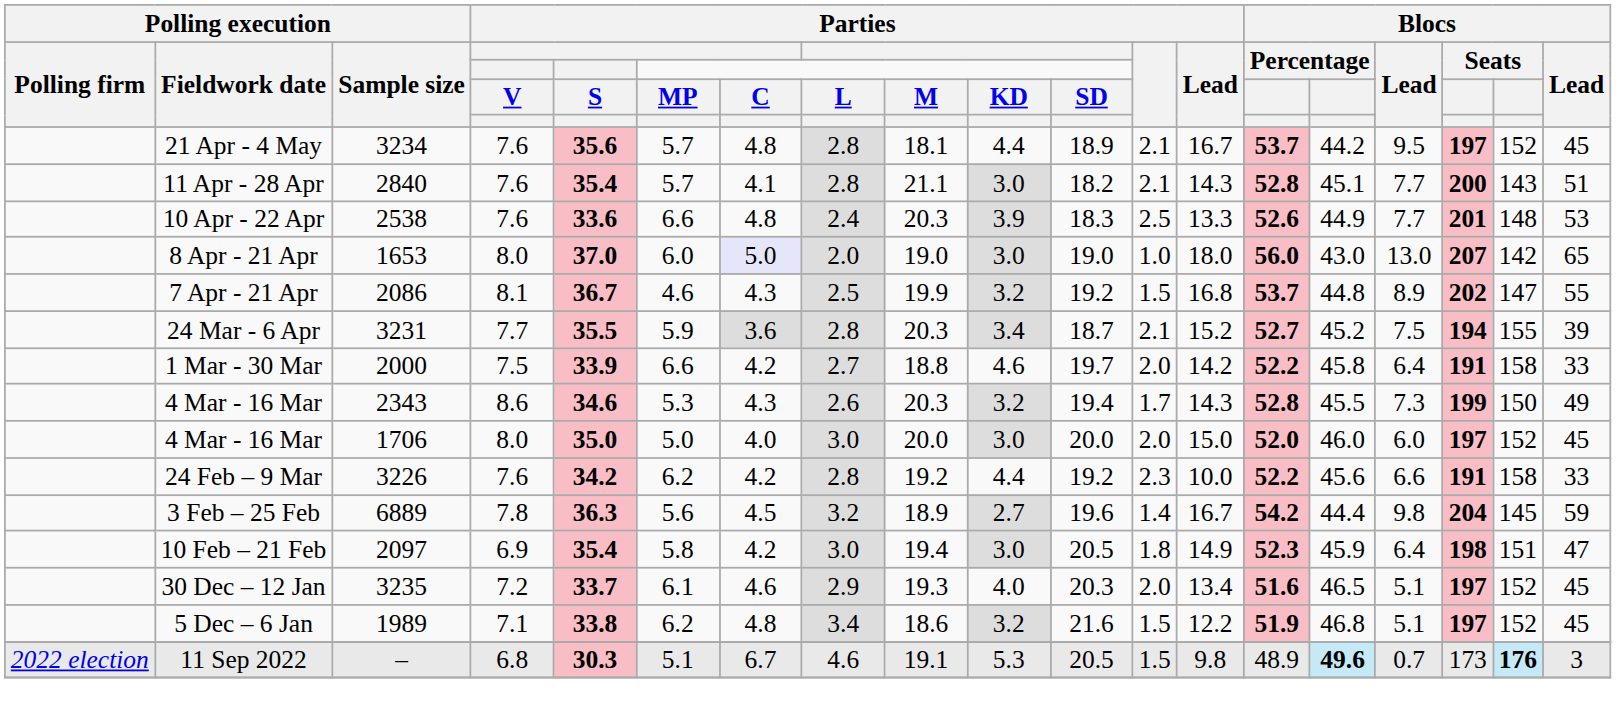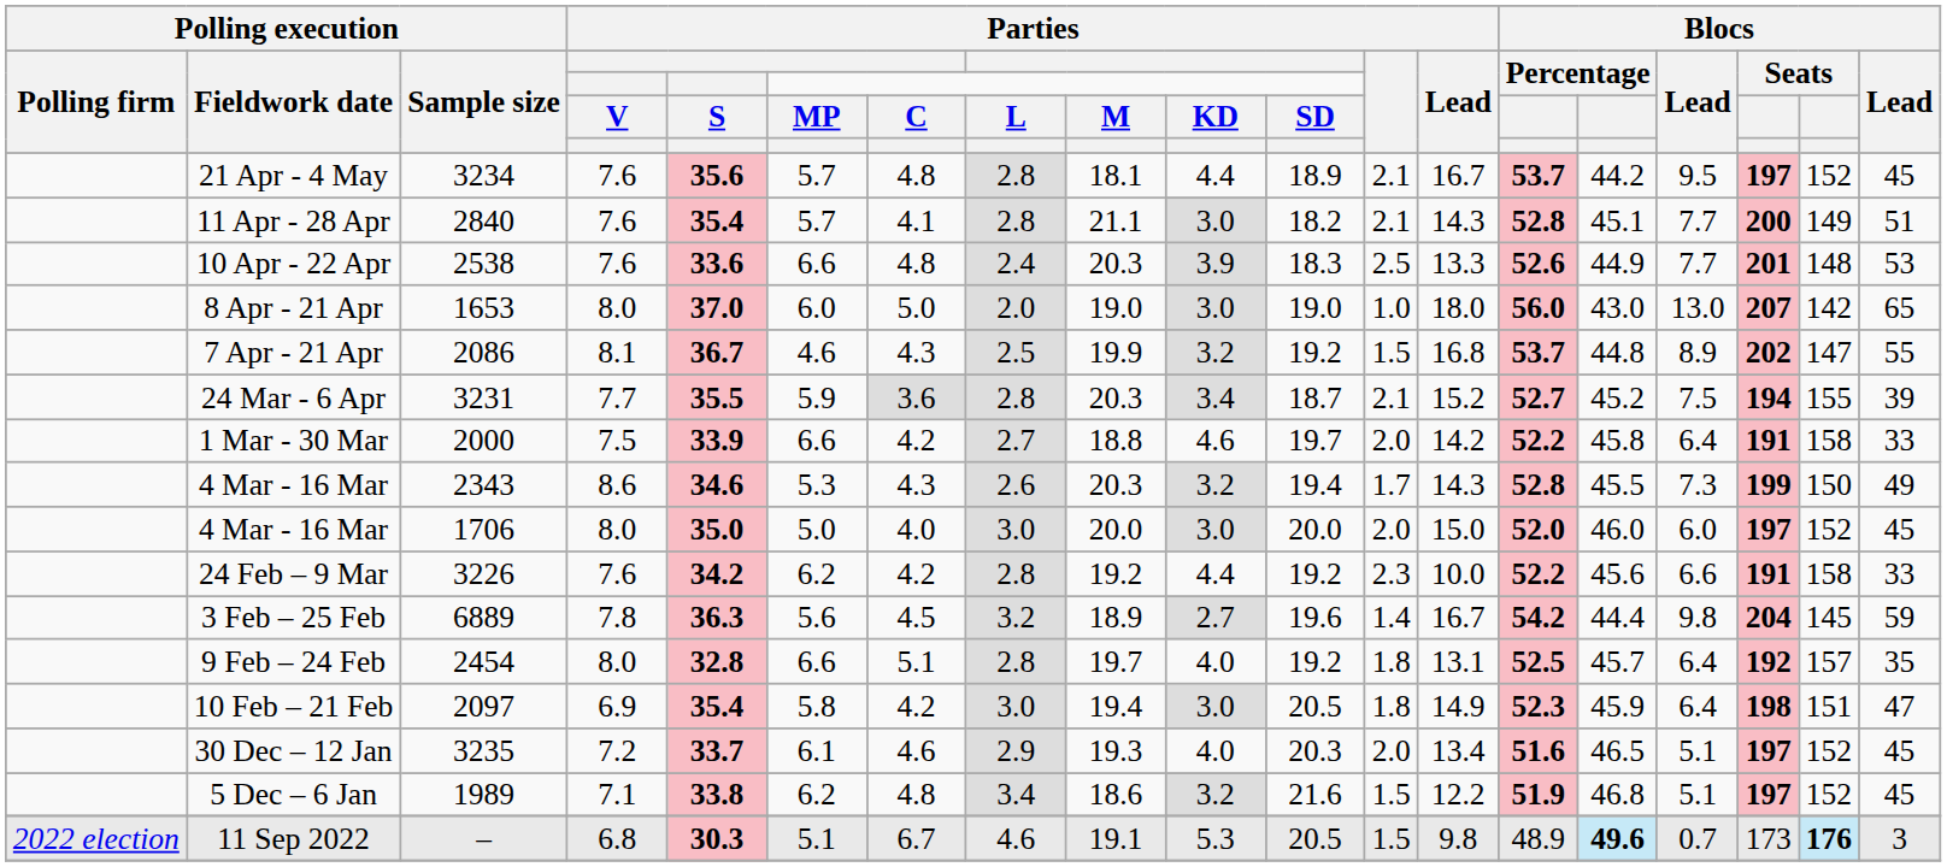 <table class="wikitable sortable" style="text-align:center;font-size:90%;line-height:14px;">
 <tr>
 <th colspan="3">Polling execution</th>
 <th colspan="10">Parties</th>
 <th colspan="6">Blocs</th>
 </tr>
 <tr>
 <th rowspan="4">Polling firm</th>
 <th rowspan="4">Fieldwork date</th>
 <th rowspan="4">Sample size</th>
 <th colspan="4"></th>
 <th colspan="4"></th>
 <th rowspan="4"></th>
 <th rowspan="4">Lead</th>
 <th colspan="2" rowspan="2">Percentage</th>
 <th rowspan="4">Lead</th>
 <th colspan="2" rowspan="2">Seats</th>
 <th rowspan="4">Lead</th>
 </tr>
 <tr>
 <th style="background:"></th>
 <th style="background:"></th>
 </tr>
 <tr>
 <th class="sortable" style="width:40px;"><a href='#'>V</a></th>
 <th class="sortable" style="width:40px;"><a href='#'>S</a></th>
 <th class="sortable" style="width:40px;"><a href='#'>MP</a></th>
 <th class="sortable" style="width:40px;"><a href='#'>C</a></th>
 <th class="sortable" style="width:40px;"><a href='#'>L</a></th>
 <th class="sortable" style="width:40px;"><a href='#'>M</a></th>
 <th class="sortable" style="width:40px;"><a href='#'>KD</a></th>
 <th class="sortable" style="width:40px;"><a href='#'>SD</a></th>
 <th></th>
 <th></th>
 <th></th>
 <th></th>
 </tr>
 <tr>
 <th style="background:"></th>
 <th style="background:"></th>
 <th style="background:"></th>
 <th style="background:"></th>
 <th style="background:"></th>
 <th style="background:"></th>
 <th style="background:"></th>
 <th style="background:"></th>
 <th style="background:"></th>
 <th style="background:"></th>
 <th style="background:"></th>
 <th style="background:"></th>
 </tr>
 <tr>
 <td></td>
 <td>21 Apr - 4 May</td>
 <td>3234</td>
 <td>7.6</td>
 <td style="background:#F9BDC5;"><strong>35.6</strong></td>
 <td>5.7</td>
 <td>4.8</td>
 <td style="background:#DDDDDD;">2.8</td>
 <td>18.1</td>
 <td>4.4</td>
 <td>18.9</td>
 <td>2.1</td>
 <td style="background:">16.7</td>
 <td style="background:#F9BDC5;"><strong>53.7</strong></td>
 <td>44.2</td>
 <td style="background:">9.5</td>
 <td style="background:#F9BDC5;"><strong>197</strong></td>
 <td>152</td>
 <td style="background:">45</td>
 </tr>
 <tr>
 <td></td>
 <td>11 Apr - 28 Apr</td>
 <td>2840</td>
 <td>7.6</td>
 <td style="background:#F9BDC5;"><strong>35.4</strong></td>
 <td>5.7</td>
 <td>4.1</td>
 <td style="background:#DDDDDD;">2.8</td>
 <td>21.1</td>
 <td style="background:#DDDDDD;">3.0</td>
 <td>18.2</td>
 <td>2.1</td>
 <td style="background:">14.3</td>
 <td style="background:#F9BDC5;"><strong>52.8</strong></td>
 <td>45.1</td>
 <td style="background:">7.7</td>
 <td style="background:#F9BDC5;"><strong>200</strong></td>
-<td>143</td>
+<td>149</td>
 <td style="background:">51</td>
 </tr>
 <tr>
 <td></td>
 <td>10 Apr - 22 Apr</td>
 <td>2538</td>
 <td>7.6</td>
 <td style="background:#F9BDC5;"><strong>33.6</strong></td>
 <td>6.6</td>
 <td>4.8</td>
 <td style="background:#DDDDDD;">2.4</td>
 <td>20.3</td>
 <td style="background:#DDDDDD;">3.9</td>
 <td>18.3</td>
 <td>2.5</td>
 <td style="background:">13.3</td>
 <td style="background:#F9BDC5;"><strong>52.6</strong></td>
 <td>44.9</td>
 <td style="background:">7.7</td>
 <td style="background:#F9BDC5;"><strong>201</strong></td>
 <td>148</td>
 <td style="background:">53</td>
 </tr>
 <tr>
 <td></td>
 <td>8 Apr - 21 Apr</td>
 <td>1653</td>
 <td>8.0</td>
 <td style="background:#F9BDC5;"><strong>37.0</strong></td>
 <td>6.0</td>
-<td style="background: lavender;">5.0</td>
+<td>5.0</td>
 <td style="background:#DDDDDD;">2.0</td>
 <td>19.0</td>
 <td style="background:#DDDDDD;">3.0</td>
 <td>19.0</td>
 <td>1.0</td>
 <td style="background:">18.0</td>
 <td style="background:#F9BDC5;"><strong>56.0</strong></td>
 <td>43.0</td>
 <td style="background:">13.0</td>
 <td style="background:#F9BDC5;"><strong>207</strong></td>
 <td>142</td>
 <td style="background:">65</td>
 </tr>
 <tr>
 <td></td>
 <td>7 Apr - 21 Apr</td>
 <td>2086</td>
 <td>8.1</td>
 <td style="background:#F9BDC5;"><strong>36.7</strong></td>
 <td>4.6</td>
 <td>4.3</td>
 <td style="background:#DDDDDD;">2.5</td>
 <td>19.9</td>
 <td style="background:#DDDDDD;">3.2</td>
 <td>19.2</td>
 <td>1.5</td>
 <td style="background:">16.8</td>
 <td style="background:#F9BDC5;"><strong>53.7</strong></td>
 <td>44.8</td>
 <td style="background:">8.9</td>
 <td style="background:#F9BDC5;"><strong>202</strong></td>
 <td>147</td>
 <td style="background:">55</td>
 </tr>
 <tr>
 <td></td>
 <td>24 Mar - 6 Apr</td>
 <td>3231</td>
 <td>7.7</td>
 <td style="background:#F9BDC5;"><strong>35.5</strong></td>
 <td>5.9</td>
 <td style="background:#DDDDDD;">3.6</td>
 <td style="background:#DDDDDD;">2.8</td>
 <td>20.3</td>
 <td style="background:#DDDDDD;">3.4</td>
 <td>18.7</td>
 <td>2.1</td>
 <td style="background:">15.2</td>
 <td style="background:#F9BDC5;"><strong>52.7</strong></td>
 <td>45.2</td>
 <td style="background:">7.5</td>
 <td style="background:#F9BDC5;"><strong>194</strong></td>
 <td>155</td>
 <td style="background:">39</td>
 </tr>
 <tr>
 <td></td>
 <td>1 Mar - 30 Mar</td>
 <td>2000</td>
 <td>7.5</td>
 <td style="background:#F9BDC5;"><strong>33.9</strong></td>
 <td>6.6</td>
 <td>4.2</td>
 <td style="background:#DDDDDD;">2.7</td>
 <td>18.8</td>
 <td>4.6</td>
 <td>19.7</td>
 <td>2.0</td>
 <td style="background:">14.2</td>
 <td style="background:#F9BDC5;"><strong>52.2</strong></td>
 <td>45.8</td>
 <td style="background:">6.4</td>
 <td style="background:#F9BDC5;"><strong>191</strong></td>
 <td>158</td>
 <td style="background:">33</td>
 </tr>
 <tr>
 <td></td>
 <td>4 Mar - 16 Mar</td>
 <td>2343</td>
 <td>8.6</td>
 <td style="background:#F9BDC5;"><strong>34.6</strong></td>
 <td>5.3</td>
 <td>4.3</td>
 <td style="background:#DDDDDD;">2.6</td>
 <td>20.3</td>
 <td style="background:#DDDDDD;">3.2</td>
 <td>19.4</td>
 <td>1.7</td>
 <td style="background:">14.3</td>
 <td style="background:#F9BDC5;"><strong>52.8</strong></td>
 <td>45.5</td>
 <td style="background:">7.3</td>
 <td style="background:#F9BDC5;"><strong>199</strong></td>
 <td>150</td>
 <td style="background:">49</td>
 </tr>
 <tr>
 <td></td>
 <td>4 Mar - 16 Mar</td>
 <td>1706</td>
 <td>8.0</td>
 <td style="background:#F9BDC5;"><strong>35.0</strong></td>
 <td>5.0</td>
 <td>4.0</td>
 <td style="background:#DDDDDD;">3.0</td>
 <td>20.0</td>
 <td style="background:#DDDDDD;">3.0</td>
 <td>20.0</td>
 <td>2.0</td>
 <td style="background:">15.0</td>
 <td style="background:#F9BDC5;"><strong>52.0</strong></td>
 <td>46.0</td>
 <td style="background:">6.0</td>
 <td style="background:#F9BDC5;"><strong>197</strong></td>
 <td>152</td>
 <td style="background:">45</td>
 </tr>
 <tr>
 <td></td>
 <td>24 Feb – 9 Mar</td>
 <td>3226</td>
 <td>7.6</td>
 <td style="background:#F9BDC5;"><strong>34.2</strong></td>
 <td>6.2</td>
 <td>4.2</td>
 <td style="background:#DDDDDD;">2.8</td>
 <td>19.2</td>
 <td>4.4</td>
 <td>19.2</td>
 <td>2.3</td>
 <td style="background:">10.0</td>
 <td style="background:#F9BDC5;"><strong>52.2</strong></td>
 <td>45.6</td>
 <td style="background:">6.6</td>
 <td style="background:#F9BDC5;"><strong>191</strong></td>
 <td>158</td>
 <td style="background:">33</td>
 </tr>
 <tr>
 <td></td>
 <td>3 Feb – 25 Feb</td>
 <td>6889</td>
 <td>7.8</td>
 <td style="background:#F9BDC5;"><strong>36.3</strong></td>
 <td>5.6</td>
 <td>4.5</td>
 <td style="background:#DDDDDD;">3.2</td>
 <td>18.9</td>
 <td style="background:#DDDDDD;">2.7</td>
 <td>19.6</td>
 <td>1.4</td>
 <td style="background:">16.7</td>
 <td style="background:#F9BDC5;"><strong>54.2</strong></td>
 <td>44.4</td>
 <td style="background:">9.8</td>
 <td style="background:#F9BDC5;"><strong>204</strong></td>
 <td>145</td>
 <td style="background:">59</td>
 </tr>
 <tr>
 <td></td>
+<td>9 Feb – 24 Feb</td>
+<td>2454</td>
+<td>8.0</td>
+<td style="background:#F9BDC5;"><strong>32.8</strong></td>
+<td>6.6</td>
+<td>5.1</td>
+<td style="background:#DDDDDD;">2.8</td>
+<td>19.7</td>
+<td>4.0</td>
+<td>19.2</td>
+<td>1.8</td>
+<td style="background:">13.1</td>
+<td style="background:#F9BDC5;"><strong>52.5</strong></td>
+<td>45.7</td>
+<td style="background:">6.4</td>
+<td style="background:#F9BDC5;"><strong>192</strong></td>
+<td>157</td>
+<td style="background:">35</td>
+</tr>
+<tr>
+<td></td>
 <td>10 Feb – 21 Feb</td>
 <td>2097</td>
 <td>6.9</td>
 <td style="background:#F9BDC5;"><strong>35.4</strong></td>
 <td>5.8</td>
 <td>4.2</td>
 <td style="background:#DDDDDD;">3.0</td>
 <td>19.4</td>
 <td style="background:#DDDDDD;">3.0</td>
 <td>20.5</td>
 <td>1.8</td>
 <td style="background:">14.9</td>
 <td style="background:#F9BDC5;"><strong>52.3</strong></td>
 <td>45.9</td>
 <td style="background:">6.4</td>
 <td style="background:#F9BDC5;"><strong>198</strong></td>
 <td>151</td>
 <td style="background:">47</td>
 </tr>
 <tr>
 <td></td>
 <td>30 Dec – 12 Jan</td>
 <td>3235</td>
 <td>7.2</td>
 <td style="background:#F9BDC5;"><strong>33.7</strong></td>
 <td>6.1</td>
 <td>4.6</td>
 <td style="background:#DDDDDD;">2.9</td>
 <td>19.3</td>
 <td>4.0</td>
 <td>20.3</td>
 <td>2.0</td>
 <td style="background:">13.4</td>
 <td style="background:#F9BDC5;"><strong>51.6</strong></td>
 <td>46.5</td>
 <td style="background:">5.1</td>
 <td style="background:#F9BDC5;"><strong>197</strong></td>
 <td>152</td>
 <td style="background:">45</td>
 </tr>
 <tr>
 <td></td>
 <td>5 Dec – 6 Jan</td>
 <td>1989</td>
 <td>7.1</td>
 <td style="background:#F9BDC5;"><strong>33.8</strong></td>
 <td>6.2</td>
 <td>4.8</td>
 <td style="background:#DDDDDD;">3.4</td>
 <td>18.6</td>
 <td style="background:#DDDDDD;">3.2</td>
 <td>21.6</td>
 <td>1.5</td>
 <td style="background:">12.2</td>
 <td style="background:#F9BDC5;"><strong>51.9</strong></td>
 <td>46.8</td>
 <td style="background:">5.1</td>
 <td style="background:#F9BDC5;"><strong>197</strong></td>
 <td>152</td>
 <td style="background:">45</td>
 </tr>
 <tr>
 </tr>
 <tr style="background:#E9E9E9;" |49>
 <td><em><a href='#'>2022 election</a></em></td>
 <td>11 Sep 2022</td>
 <td>–</td>
 <td>6.8</td>
 <td style="background:#F9BDC5;"><strong>30.3</strong></td>
 <td>5.1</td>
 <td>6.7</td>
 <td>4.6</td>
 <td>19.1</td>
 <td>5.3</td>
 <td>20.5</td>
 <td>1.5</td>
 <td style="background:">9.8</td>
 <td>48.9</td>
 <td style="background:#C6E9F7;"><strong>49.6</strong></td>
 <td style="background:">0.7</td>
 <td>173</td>
 <td style="background:#C6E9F7;"><strong>176</strong></td>
 <td style="background:">3</td>
 </tr>
 <tr>
 </tr>
 </table>
